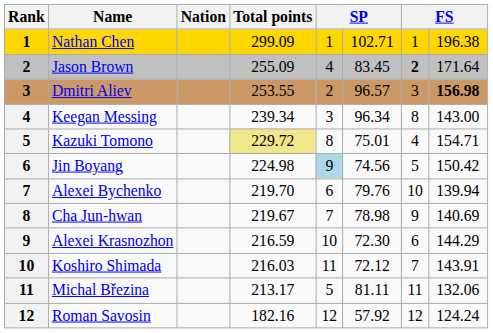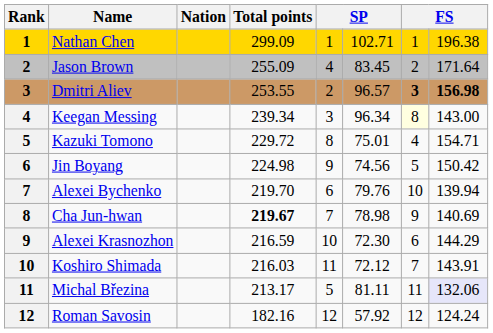 <table class="wikitable sortable">
 <tr>
 <th>Rank</th>
 <th>Name</th>
 <th>Nation</th>
 <th>Total points</th>
 <th width="80" colspan="2"><a href='#'>SP</a></th>
 <th width="80" colspan="2"><a href='#'>FS</a></th>
 </tr>
 <tr bgcolor="gold">
 <td align="center"><strong>1</strong></td>
 <td><a href='#'>Nathan Chen</a></td>
 <td></td>
 <td align="center">299.09</td>
 <td align="center">1</td>
 <td align="center">102.71</td>
 <td align="center">1</td>
 <td align="center">196.38</td>
 </tr>
 <tr bgcolor="silver">
 <td align="center"><strong>2</strong></td>
 <td><a href='#'>Jason Brown</a></td>
 <td></td>
 <td align="center">255.09</td>
 <td align="center">4</td>
 <td align="center">83.45</td>
-<td align="center"><strong>2</strong></td>
+<td align="center">2</td>
 <td align="center">171.64</td>
 </tr>
 <tr bgcolor="#cc9966">
 <td align="center"><strong>3</strong></td>
 <td><a href='#'>Dmitri Aliev</a></td>
 <td></td>
 <td align="center">253.55</td>
 <td align="center">2</td>
 <td align="center">96.57</td>
-<td align="center">3</td>
+<td align="center"><strong>3</strong></td>
 <td align="center"><strong>156.98</strong></td>
 </tr>
 <tr>
 <th>4</th>
 <td><a href='#'>Keegan Messing</a></td>
 <td></td>
 <td align="center">239.34</td>
 <td align="center">3</td>
 <td align="center">96.34</td>
-<td align="center">8</td>
+<td align="center" style="background: lightyellow;">8</td>
 <td align="center">143.00</td>
 </tr>
 <tr>
 <th>5</th>
 <td><a href='#'>Kazuki Tomono</a></td>
 <td></td>
-<td align="center" style="background: khaki;">229.72</td>
+<td align="center">229.72</td>
 <td align="center">8</td>
 <td align="center">75.01</td>
 <td align="center">4</td>
 <td align="center">154.71</td>
 </tr>
 <tr>
 <th>6</th>
 <td><a href='#'>Jin Boyang</a></td>
 <td></td>
 <td align="center">224.98</td>
-<td align="center" style="background: lightblue;">9</td>
+<td align="center">9</td>
 <td align="center">74.56</td>
 <td align="center">5</td>
 <td align="center">150.42</td>
 </tr>
 <tr>
 <th>7</th>
 <td><a href='#'>Alexei Bychenko</a></td>
 <td></td>
 <td align="center">219.70</td>
 <td align="center">6</td>
 <td align="center">79.76</td>
 <td align="center">10</td>
 <td align="center">139.94</td>
 </tr>
 <tr>
 <th>8</th>
 <td><a href='#'>Cha Jun-hwan</a></td>
 <td></td>
-<td align="center">219.67</td>
+<td align="center"><strong>219.67</strong></td>
 <td align="center">7</td>
 <td align="center">78.98</td>
 <td align="center">9</td>
 <td align="center">140.69</td>
 </tr>
 <tr>
 <th>9</th>
 <td><a href='#'>Alexei Krasnozhon</a></td>
 <td></td>
 <td align="center">216.59</td>
 <td align="center">10</td>
 <td align="center">72.30</td>
 <td align="center">6</td>
 <td align="center">144.29</td>
 </tr>
 <tr>
 <th>10</th>
 <td><a href='#'>Koshiro Shimada</a></td>
 <td></td>
 <td align="center">216.03</td>
 <td align="center">11</td>
 <td align="center">72.12</td>
 <td align="center">7</td>
 <td align="center">143.91</td>
 </tr>
 <tr>
 <th>11</th>
 <td><a href='#'>Michal Březina</a></td>
 <td></td>
 <td align="center">213.17</td>
 <td align="center">5</td>
 <td align="center">81.11</td>
 <td align="center">11</td>
-<td align="center">132.06</td>
+<td align="center" style="background: lavender;">132.06</td>
 </tr>
 <tr>
 <th>12</th>
 <td><a href='#'>Roman Savosin</a></td>
 <td></td>
 <td align="center">182.16</td>
 <td align="center">12</td>
 <td align="center">57.92</td>
 <td align="center">12</td>
 <td align="center">124.24</td>
 </tr>
 </table>
